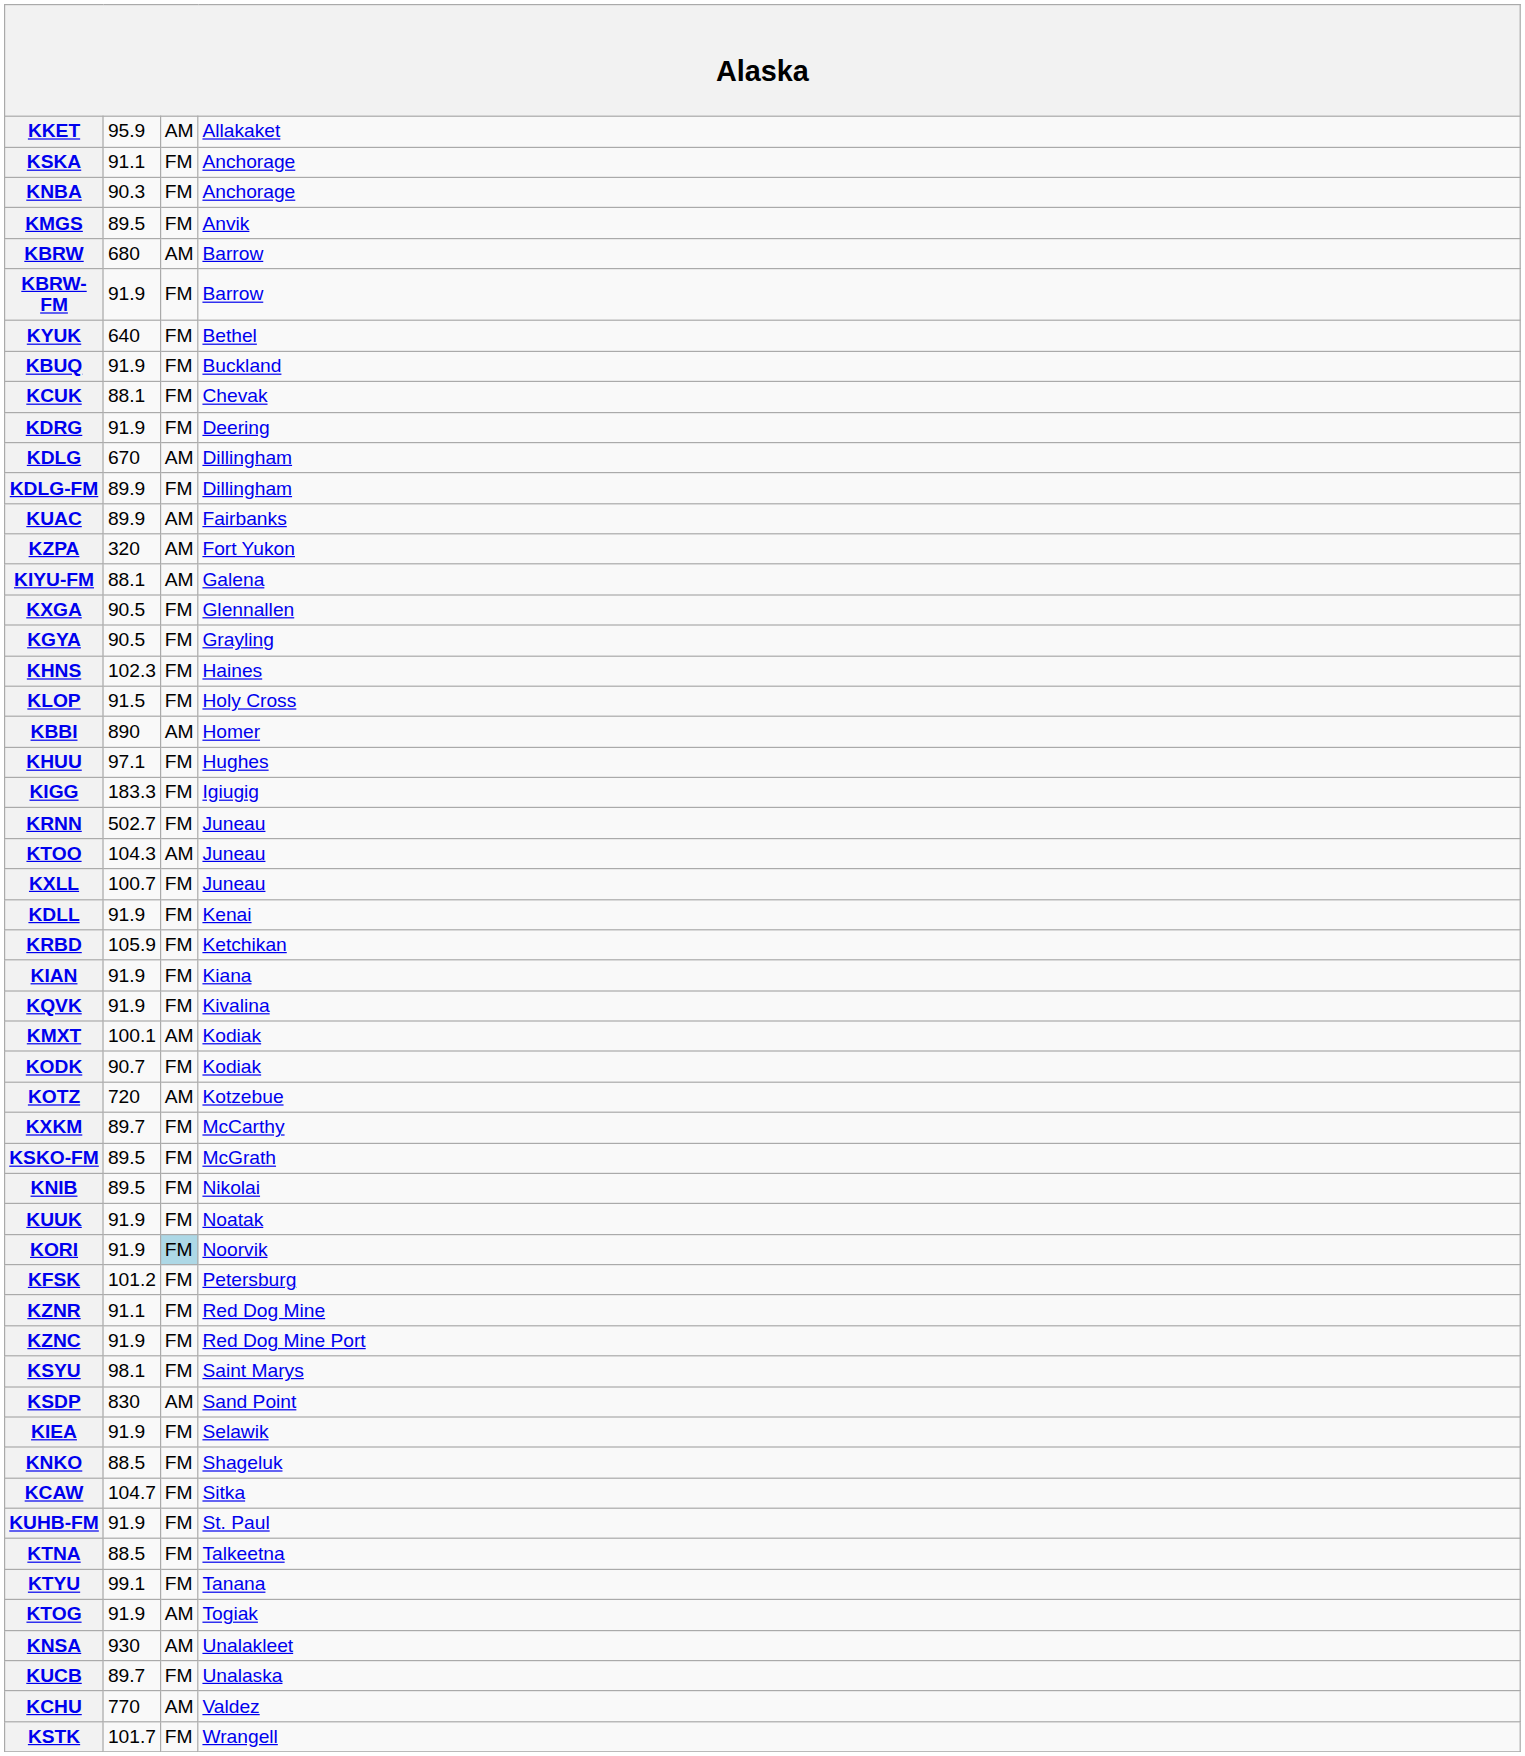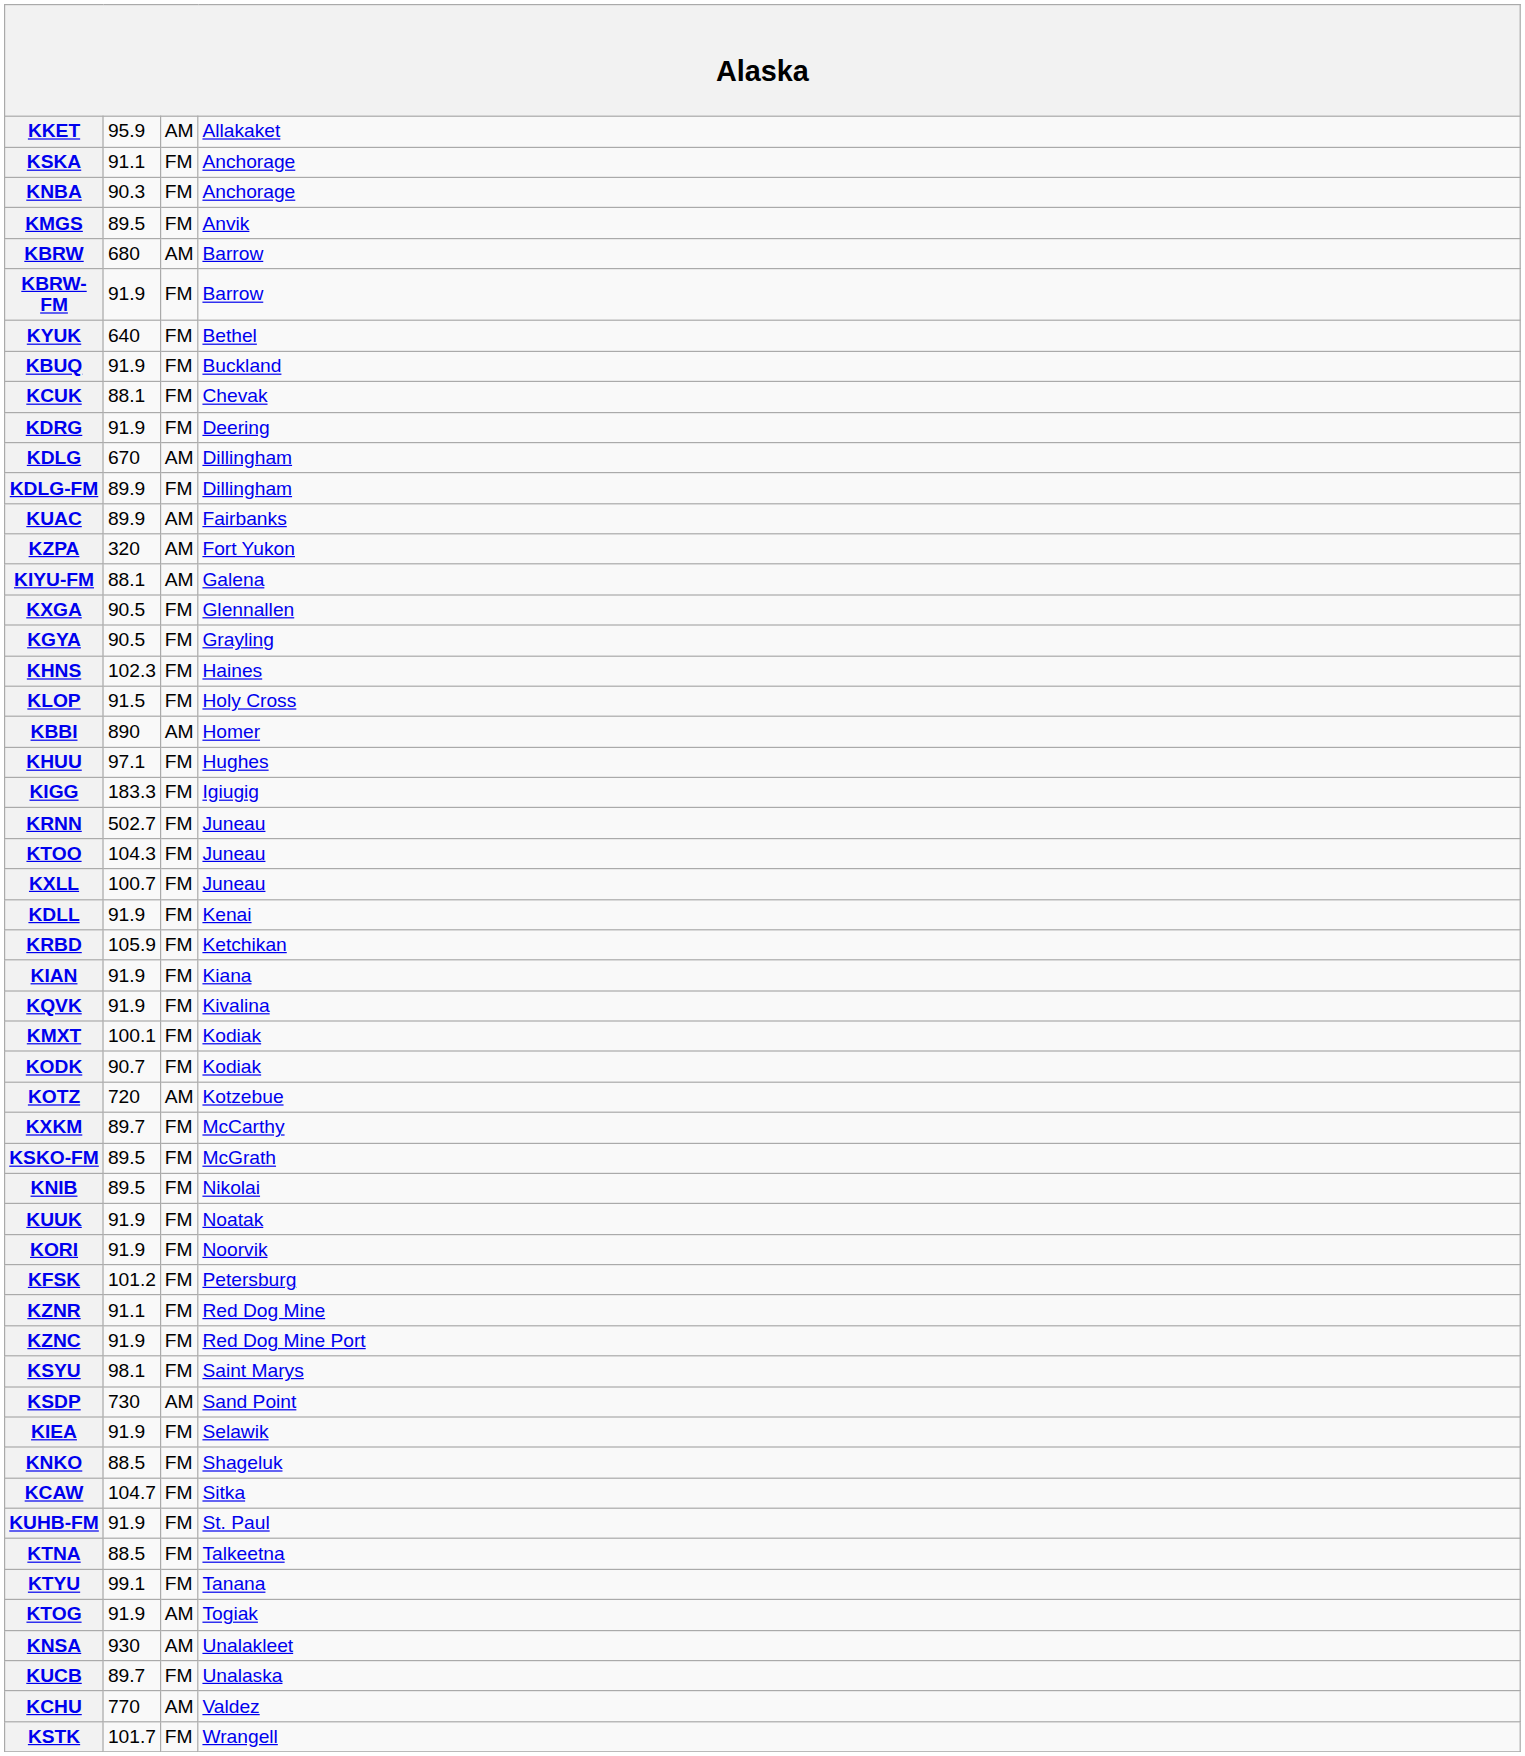 <table class="wikitable mw-collapsible" style="width:100%">
 <tr>
 <th scope="col" colspan="4"><br><h2>Alaska</h2></th>
 </tr>
 <tr>
 <th scope="row" style="width: 75px;"><a href='#'>KKET</a></th>
 <td style="width: 40px;">95.9</td>
 <td>AM</td>
 <td><a href='#'>Allakaket</a></td>
 </tr>
 <tr>
 <th scope="row"><a href='#'>KSKA</a></th>
 <td>91.1</td>
 <td>FM</td>
 <td><a href='#'>Anchorage</a></td>
 </tr>
 <tr>
 <th scope="row"><a href='#'>KNBA</a></th>
 <td>90.3</td>
 <td>FM</td>
 <td><a href='#'>Anchorage</a></td>
 </tr>
 <tr>
 <th scope="row"><a href='#'>KMGS</a></th>
 <td>89.5</td>
 <td>FM</td>
 <td><a href='#'>Anvik</a></td>
 </tr>
 <tr>
 <th scope="row"><a href='#'>KBRW</a></th>
 <td>680</td>
 <td>AM</td>
 <td><a href='#'>Barrow</a></td>
 </tr>
 <tr>
 <th scope="row"><a href='#'>KBRW-FM</a></th>
 <td>91.9</td>
 <td>FM</td>
 <td><a href='#'>Barrow</a></td>
 </tr>
 <tr>
 <th scope="row"><a href='#'>KYUK</a></th>
 <td>640</td>
 <td style="width: 21px;">FM</td>
 <td><a href='#'>Bethel</a></td>
 </tr>
 <tr>
 <th scope="row"><a href='#'>KBUQ</a></th>
 <td>91.9</td>
 <td>FM</td>
 <td><a href='#'>Buckland</a></td>
 </tr>
 <tr>
 <th scope="row"><a href='#'>KCUK</a></th>
 <td>88.1</td>
 <td>FM</td>
 <td><a href='#'>Chevak</a></td>
 </tr>
 <tr>
 <th scope="row"><a href='#'>KDRG</a></th>
 <td>91.9</td>
 <td>FM</td>
 <td><a href='#'>Deering</a></td>
 </tr>
 <tr>
 <th scope="row"><a href='#'>KDLG</a></th>
 <td>670</td>
 <td>AM</td>
 <td><a href='#'>Dillingham</a></td>
 </tr>
 <tr>
 <th scope="row"><a href='#'>KDLG-FM</a></th>
 <td>89.9</td>
 <td>FM</td>
 <td><a href='#'>Dillingham</a></td>
 </tr>
 <tr>
 <th scope="row"><a href='#'>KUAC</a></th>
 <td>89.9</td>
 <td>AM</td>
 <td><a href='#'>Fairbanks</a></td>
 </tr>
 <tr>
 <th scope="row"><a href='#'>KZPA</a></th>
 <td>320</td>
 <td>AM</td>
 <td><a href='#'>Fort Yukon</a></td>
 </tr>
 <tr>
 <th scope="row"><a href='#'>KIYU-FM</a></th>
 <td>88.1</td>
 <td>AM</td>
 <td><a href='#'>Galena</a></td>
 </tr>
 <tr>
 <th scope="row"><a href='#'>KXGA</a></th>
 <td>90.5</td>
 <td>FM</td>
 <td><a href='#'>Glennallen</a></td>
 </tr>
 <tr>
 <th scope="row"><a href='#'>KGYA</a></th>
 <td>90.5</td>
 <td>FM</td>
 <td><a href='#'>Grayling</a></td>
 </tr>
 <tr>
 <th scope="row"><a href='#'>KHNS</a></th>
 <td>102.3</td>
 <td>FM</td>
 <td><a href='#'>Haines</a></td>
 </tr>
 <tr>
 <th scope="row"><a href='#'>KLOP</a></th>
 <td>91.5</td>
 <td>FM</td>
 <td><a href='#'>Holy Cross</a></td>
 </tr>
 <tr>
 <th scope="row"><a href='#'>KBBI</a></th>
 <td>890</td>
 <td>AM</td>
 <td><a href='#'>Homer</a></td>
 </tr>
 <tr>
 <th scope="row"><a href='#'>KHUU</a></th>
 <td>97.1</td>
 <td>FM</td>
 <td><a href='#'>Hughes</a></td>
 </tr>
 <tr>
 <th scope="row"><a href='#'>KIGG</a></th>
 <td>183.3</td>
 <td>FM</td>
 <td><a href='#'>Igiugig</a></td>
 </tr>
 <tr>
 <th scope="row"><a href='#'>KRNN</a></th>
 <td>502.7</td>
 <td>FM</td>
 <td><a href='#'>Juneau</a></td>
 </tr>
 <tr>
 <th scope="row"><a href='#'>KTOO</a></th>
 <td>104.3</td>
-<td>AM</td>
+<td>FM</td>
 <td><a href='#'>Juneau</a></td>
 </tr>
 <tr>
 <th scope="row"><a href='#'>KXLL</a></th>
 <td>100.7</td>
 <td>FM</td>
 <td><a href='#'>Juneau</a></td>
 </tr>
 <tr>
 <th scope="row"><a href='#'>KDLL</a></th>
 <td>91.9</td>
 <td>FM</td>
 <td><a href='#'>Kenai</a></td>
 </tr>
 <tr>
 <th scope="row"><a href='#'>KRBD</a></th>
 <td>105.9</td>
 <td>FM</td>
 <td><a href='#'>Ketchikan</a></td>
 </tr>
 <tr>
 <th scope="row"><a href='#'>KIAN</a></th>
 <td>91.9</td>
 <td>FM</td>
 <td><a href='#'>Kiana</a></td>
 </tr>
 <tr>
 <th scope="row"><a href='#'>KQVK</a></th>
 <td>91.9</td>
 <td>FM</td>
 <td><a href='#'>Kivalina</a></td>
 </tr>
 <tr>
 <th scope="row"><a href='#'>KMXT</a></th>
 <td>100.1</td>
-<td>AM</td>
+<td>FM</td>
 <td><a href='#'>Kodiak</a></td>
 </tr>
 <tr>
 <th scope="row"><a href='#'>KODK</a></th>
 <td>90.7</td>
 <td>FM</td>
 <td><a href='#'>Kodiak</a></td>
 </tr>
 <tr>
 <th scope="row"><a href='#'>KOTZ</a></th>
 <td>720</td>
 <td>AM</td>
 <td><a href='#'>Kotzebue</a></td>
 </tr>
 <tr>
 <th scope="row"><a href='#'>KXKM</a></th>
 <td>89.7</td>
 <td>FM</td>
 <td><a href='#'>McCarthy</a></td>
 </tr>
 <tr>
 <th scope="row"><a href='#'>KSKO-FM</a></th>
 <td>89.5</td>
 <td>FM</td>
 <td><a href='#'>McGrath</a></td>
 </tr>
 <tr>
 <th scope="row"><a href='#'>KNIB</a></th>
 <td>89.5</td>
 <td>FM</td>
 <td><a href='#'>Nikolai</a></td>
 </tr>
 <tr>
 <th scope="row"><a href='#'>KUUK</a></th>
 <td>91.9</td>
 <td>FM</td>
 <td><a href='#'>Noatak</a></td>
 </tr>
 <tr>
 <th scope="row"><a href='#'>KORI</a></th>
 <td>91.9</td>
-<td style="background: lightblue;">FM</td>
+<td>FM</td>
 <td><a href='#'>Noorvik</a></td>
 </tr>
 <tr>
 <th scope="row"><a href='#'>KFSK</a></th>
 <td>101.2</td>
 <td>FM</td>
 <td><a href='#'>Petersburg</a></td>
 </tr>
 <tr>
 <th scope="row"><a href='#'>KZNR</a></th>
 <td>91.1</td>
 <td>FM</td>
 <td><a href='#'>Red Dog Mine</a></td>
 </tr>
 <tr>
 <th scope="row"><a href='#'>KZNC</a></th>
 <td>91.9</td>
 <td>FM</td>
 <td><a href='#'>Red Dog Mine Port</a></td>
 </tr>
 <tr>
 <th scope="row"><a href='#'>KSYU</a></th>
 <td>98.1</td>
 <td>FM</td>
 <td><a href='#'>Saint Marys</a></td>
 </tr>
 <tr>
 <th scope="row"><a href='#'>KSDP</a></th>
-<td>830</td>
+<td>730</td>
 <td>AM</td>
 <td><a href='#'>Sand Point</a></td>
 </tr>
 <tr>
 <th scope="row"><a href='#'>KIEA</a></th>
 <td>91.9</td>
 <td>FM</td>
 <td><a href='#'>Selawik</a></td>
 </tr>
 <tr>
 <th scope="row"><a href='#'>KNKO</a></th>
 <td>88.5</td>
 <td>FM</td>
 <td><a href='#'>Shageluk</a></td>
 </tr>
 <tr>
 <th scope="row"><a href='#'>KCAW</a></th>
 <td>104.7</td>
 <td>FM</td>
 <td><a href='#'>Sitka</a></td>
 </tr>
 <tr>
 <th scope="row"><a href='#'>KUHB-FM</a></th>
 <td>91.9</td>
 <td>FM</td>
 <td><a href='#'>St. Paul</a></td>
 </tr>
 <tr>
 <th scope="row"><a href='#'>KTNA</a></th>
 <td>88.5</td>
 <td>FM</td>
 <td><a href='#'>Talkeetna</a></td>
 </tr>
 <tr>
 <th scope="row"><a href='#'>KTYU</a></th>
 <td>99.1</td>
 <td>FM</td>
 <td><a href='#'>Tanana</a></td>
 </tr>
 <tr>
 <th scope="row"><a href='#'>KTOG</a></th>
 <td>91.9</td>
 <td>AM</td>
 <td><a href='#'>Togiak</a></td>
 </tr>
 <tr>
 <th scope="row"><a href='#'>KNSA</a></th>
 <td>930</td>
 <td>AM</td>
 <td><a href='#'>Unalakleet</a></td>
 </tr>
 <tr>
 <th scope="row"><a href='#'>KUCB</a></th>
 <td>89.7</td>
 <td>FM</td>
 <td><a href='#'>Unalaska</a></td>
 </tr>
 <tr>
 <th scope="row"><a href='#'>KCHU</a></th>
 <td>770</td>
 <td>AM</td>
 <td><a href='#'>Valdez</a></td>
 </tr>
 <tr>
 <th scope="row"><a href='#'>KSTK</a></th>
 <td>101.7</td>
 <td>FM</td>
 <td><a href='#'>Wrangell</a></td>
 </tr>
 </table>
